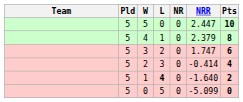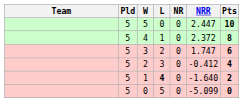 <table class="wikitable" style="text-align:center">
 <tr>
 <th width=175>Team</th>
 <th width=20 abbr="Played">Pld</th>
 <th width=20 abbr="Won">W</th>
 <th width=20 abbr="Lost">L</th>
 <th width=20 abbr="No result">NR</th>
 <th width=20 abbr="Net run rate"><a href='#'>NRR</a></th>
 <th width=20 abbr="Points">Pts</th>
 </tr>
 <tr bgcolor="#ccffcc">
 <td align="left"></td>
 <td>5</td>
 <td>5</td>
 <td>0</td>
 <td>0</td>
 <td>2.447</td>
 <td><strong>10</strong></td>
 </tr>
 <tr bgcolor="#ccffcc">
 <td align="left"></td>
 <td>5</td>
 <td>4</td>
 <td>1</td>
 <td>0</td>
-<td>2.379</td>
+<td>2.372</td>
 <td><strong>8</strong></td>
 </tr>
 <tr bgcolor="#ffcccc">
 <td align="left"></td>
 <td>5</td>
 <td>3</td>
 <td>2</td>
 <td>0</td>
 <td>1.747</td>
 <td><strong>6</strong></td>
 </tr>
 <tr bgcolor="#ffcccc">
 <td align="left"></td>
 <td>5</td>
 <td>2</td>
 <td>3</td>
 <td>0</td>
-<td>-0.414</td>
+<td>-0.412</td>
 <td><strong>4</strong></td>
 </tr>
 <tr bgcolor="#ffcccc">
 <td align="left"></td>
 <td>5</td>
 <td>1</td>
 <td><strong>4</strong></td>
 <td>0</td>
 <td>-1.640</td>
 <td><strong>2</strong></td>
 </tr>
 <tr bgcolor="#ffcccc">
 <td align="left"></td>
 <td>5</td>
 <td>0</td>
 <td>5</td>
 <td>0</td>
 <td>-5.099</td>
 <td><strong>0</strong></td>
 </tr>
 </table>
